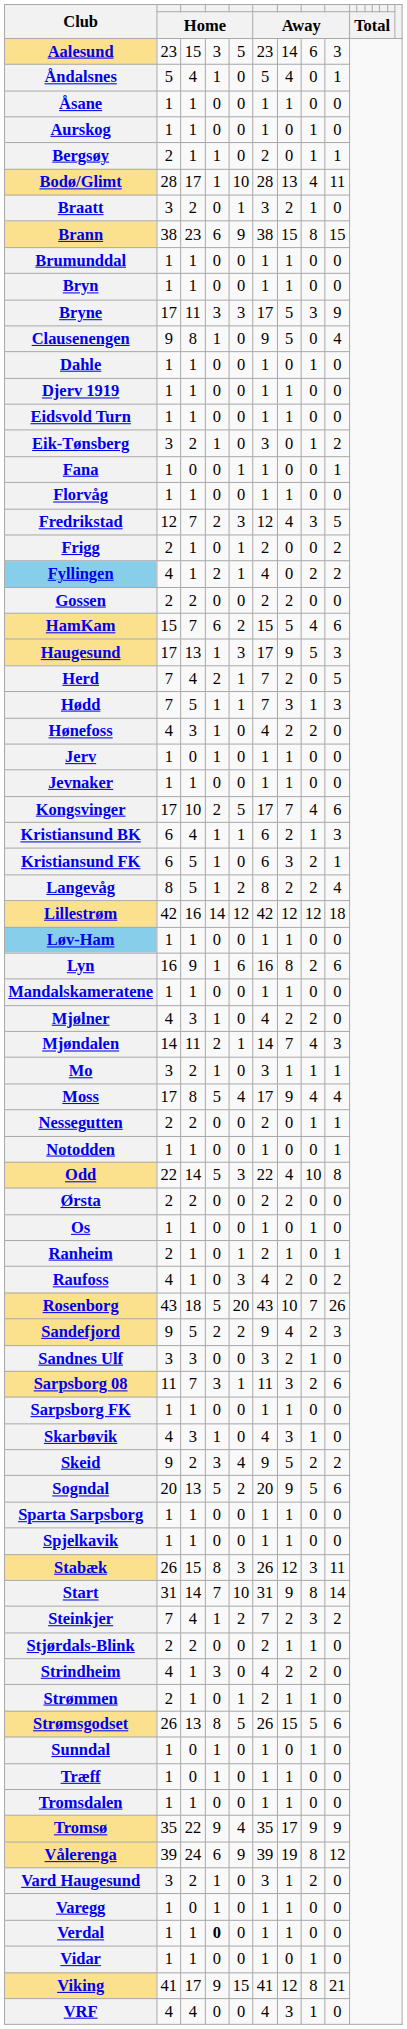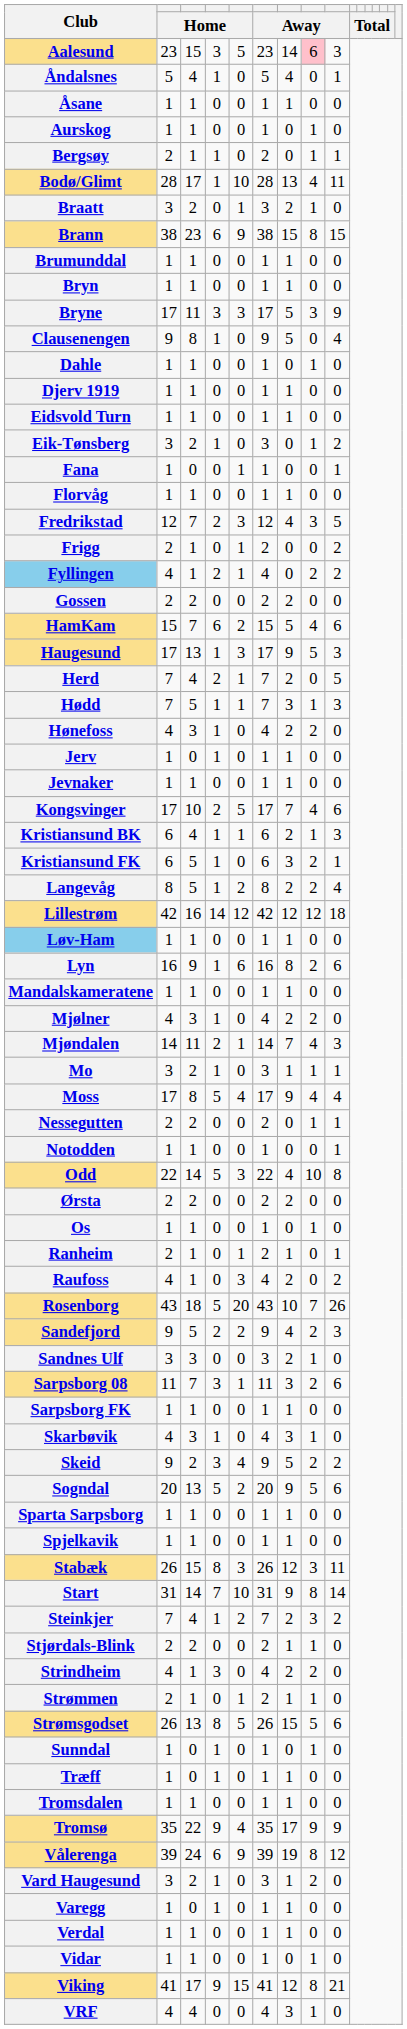 <table class="wikitable plainrowheaders sortable" style="text-align:center">
 <tr>
 <th scope="col" rowspan="2">Club</th>
 <th scope="col"></th>
 <th scope="col"></th>
 <th scope="col"></th>
 <th scope="col"></th>
 <th scope="col"></th>
 <th scope="col"></th>
 <th scope="col"></th>
 <th scope="col"></th>
 <th scope="col"></th>
 <th scope="col"></th>
 <th scope="col"></th>
 <th scope="col"></th>
 <th scope="col"></th>
 <th scope="col"></th>
 <th rowspan="2" scope="col"></th>
 </tr>
 <tr class="unsortable">
 <th colspan="4">Home</th>
 <th colspan="4">Away</th>
 <th colspan="6">Total</th>
 </tr>
 <tr>
 <th scope="row" style="background:#FBE08D"><a href='#'>Aalesund</a> </th>
 <td>23</td>
 <td>15</td>
 <td>3</td>
 <td>5</td>
 <td>23</td>
 <td>14</td>
-<td>6</td>
+<td style="background: pink;">6</td>
 <td>3<br></td>
 </tr>
 <tr>
 <th scope="row"><a href='#'>Åndalsnes</a></th>
 <td>5</td>
 <td>4</td>
 <td>1</td>
 <td>0</td>
 <td>5</td>
 <td>4</td>
 <td>0</td>
 <td>1<br></td>
 </tr>
 <tr>
 <th scope="row"><a href='#'>Åsane</a></th>
 <td>1</td>
 <td>1</td>
 <td>0</td>
 <td>0</td>
 <td>1</td>
 <td>1</td>
 <td>0</td>
 <td>0<br></td>
 </tr>
 <tr>
 <th scope="row"><a href='#'>Aurskog</a></th>
 <td>1</td>
 <td>1</td>
 <td>0</td>
 <td>0</td>
 <td>1</td>
 <td>0</td>
 <td>1</td>
 <td>0<br></td>
 </tr>
 <tr>
 <th scope="row"><a href='#'>Bergsøy</a></th>
 <td>2</td>
 <td>1</td>
 <td>1</td>
 <td>0</td>
 <td>2</td>
 <td>0</td>
 <td>1</td>
 <td>1<br></td>
 </tr>
 <tr>
 <th scope="row" style="background:#FBE08D"><a href='#'>Bodø/Glimt</a> </th>
 <td>28</td>
 <td>17</td>
 <td>1</td>
 <td>10</td>
 <td>28</td>
 <td>13</td>
 <td>4</td>
 <td>11<br></td>
 </tr>
 <tr>
 <th scope="row"><a href='#'>Braatt</a></th>
 <td>3</td>
 <td>2</td>
 <td>0</td>
 <td>1</td>
 <td>3</td>
 <td>2</td>
 <td>1</td>
 <td>0<br></td>
 </tr>
 <tr>
 <th scope="row" style="background:#FBE08D"><a href='#'>Brann</a> </th>
 <td>38</td>
 <td>23</td>
 <td>6</td>
 <td>9</td>
 <td>38</td>
 <td>15</td>
 <td>8</td>
 <td>15<br></td>
 </tr>
 <tr>
 <th scope="row"><a href='#'>Brumunddal</a></th>
 <td>1</td>
 <td>1</td>
 <td>0</td>
 <td>0</td>
 <td>1</td>
 <td>1</td>
 <td>0</td>
 <td>0<br></td>
 </tr>
 <tr>
 <th scope="row"><a href='#'>Bryn</a></th>
 <td>1</td>
 <td>1</td>
 <td>0</td>
 <td>0</td>
 <td>1</td>
 <td>1</td>
 <td>0</td>
 <td>0<br></td>
 </tr>
 <tr>
 <th scope="row"><a href='#'>Bryne</a></th>
 <td>17</td>
 <td>11</td>
 <td>3</td>
 <td>3</td>
 <td>17</td>
 <td>5</td>
 <td>3</td>
 <td>9<br></td>
 </tr>
 <tr>
 <th scope="row"><a href='#'>Clausenengen</a></th>
 <td>9</td>
 <td>8</td>
 <td>1</td>
 <td>0</td>
 <td>9</td>
 <td>5</td>
 <td>0</td>
 <td>4<br></td>
 </tr>
 <tr>
 <th scope="row"><a href='#'>Dahle</a></th>
 <td>1</td>
 <td>1</td>
 <td>0</td>
 <td>0</td>
 <td>1</td>
 <td>0</td>
 <td>1</td>
 <td>0<br></td>
 </tr>
 <tr>
 <th scope="row"><a href='#'>Djerv 1919</a></th>
 <td>1</td>
 <td>1</td>
 <td>0</td>
 <td>0</td>
 <td>1</td>
 <td>1</td>
 <td>0</td>
 <td>0<br></td>
 </tr>
 <tr>
 <th scope="row"><a href='#'>Eidsvold Turn</a></th>
 <td>1</td>
 <td>1</td>
 <td>0</td>
 <td>0</td>
 <td>1</td>
 <td>1</td>
 <td>0</td>
 <td>0<br></td>
 </tr>
 <tr>
 <th scope="row"><a href='#'>Eik-Tønsberg</a></th>
 <td>3</td>
 <td>2</td>
 <td>1</td>
 <td>0</td>
 <td>3</td>
 <td>0</td>
 <td>1</td>
 <td>2<br></td>
 </tr>
 <tr>
 <th scope="row"><a href='#'>Fana</a></th>
 <td>1</td>
 <td>0</td>
 <td>0</td>
 <td>1</td>
 <td>1</td>
 <td>0</td>
 <td>0</td>
 <td>1<br></td>
 </tr>
 <tr>
 <th scope="row"><a href='#'>Florvåg</a></th>
 <td>1</td>
 <td>1</td>
 <td>0</td>
 <td>0</td>
 <td>1</td>
 <td>1</td>
 <td>0</td>
 <td>0<br></td>
 </tr>
 <tr>
 <th scope="row"><a href='#'>Fredrikstad</a></th>
 <td>12</td>
 <td>7</td>
 <td>2</td>
 <td>3</td>
 <td>12</td>
 <td>4</td>
 <td>3</td>
 <td>5<br></td>
 </tr>
 <tr>
 <th scope="row"><a href='#'>Frigg</a></th>
 <td>2</td>
 <td>1</td>
 <td>0</td>
 <td>1</td>
 <td>2</td>
 <td>0</td>
 <td>0</td>
 <td>2<br></td>
 </tr>
 <tr>
 <th scope="row" style="background:#87CEEB"><a href='#'>Fyllingen</a> </th>
 <td>4</td>
 <td>1</td>
 <td>2</td>
 <td>1</td>
 <td>4</td>
 <td>0</td>
 <td>2</td>
 <td>2<br></td>
 </tr>
 <tr>
 <th scope="row"><a href='#'>Gossen</a></th>
 <td>2</td>
 <td>2</td>
 <td>0</td>
 <td>0</td>
 <td>2</td>
 <td>2</td>
 <td>0</td>
 <td>0<br></td>
 </tr>
 <tr>
 <th scope="row" style="background:#FBE08D"><a href='#'>HamKam</a> </th>
 <td>15</td>
 <td>7</td>
 <td>6</td>
 <td>2</td>
 <td>15</td>
 <td>5</td>
 <td>4</td>
 <td>6<br></td>
 </tr>
 <tr>
 <th scope="row" style="background:#FBE08D"><a href='#'>Haugesund</a> </th>
 <td>17</td>
 <td>13</td>
 <td>1</td>
 <td>3</td>
 <td>17</td>
 <td>9</td>
 <td>5</td>
 <td>3<br></td>
 </tr>
 <tr>
 <th scope="row"><a href='#'>Herd</a></th>
 <td>7</td>
 <td>4</td>
 <td>2</td>
 <td>1</td>
 <td>7</td>
 <td>2</td>
 <td>0</td>
 <td>5<br></td>
 </tr>
 <tr>
 <th scope="row"><a href='#'>Hødd</a></th>
 <td>7</td>
 <td>5</td>
 <td>1</td>
 <td>1</td>
 <td>7</td>
 <td>3</td>
 <td>1</td>
 <td>3<br></td>
 </tr>
 <tr>
 <th scope="row"><a href='#'>Hønefoss</a></th>
 <td>4</td>
 <td>3</td>
 <td>1</td>
 <td>0</td>
 <td>4</td>
 <td>2</td>
 <td>2</td>
 <td>0<br></td>
 </tr>
 <tr>
 <th scope="row"><a href='#'>Jerv</a></th>
 <td>1</td>
 <td>0</td>
 <td>1</td>
 <td>0</td>
 <td>1</td>
 <td>1</td>
 <td>0</td>
 <td>0<br></td>
 </tr>
 <tr>
 <th scope="row"><a href='#'>Jevnaker</a></th>
 <td>1</td>
 <td>1</td>
 <td>0</td>
 <td>0</td>
 <td>1</td>
 <td>1</td>
 <td>0</td>
 <td>0<br></td>
 </tr>
 <tr>
 <th scope="row"><a href='#'>Kongsvinger</a></th>
 <td>17</td>
 <td>10</td>
 <td>2</td>
 <td>5</td>
 <td>17</td>
 <td>7</td>
 <td>4</td>
 <td>6<br></td>
 </tr>
 <tr>
 <th scope="row"><a href='#'>Kristiansund BK</a></th>
 <td>6</td>
 <td>4</td>
 <td>1</td>
 <td>1</td>
 <td>6</td>
 <td>2</td>
 <td>1</td>
 <td>3<br></td>
 </tr>
 <tr>
 <th scope="row"><a href='#'>Kristiansund FK</a></th>
 <td>6</td>
 <td>5</td>
 <td>1</td>
 <td>0</td>
 <td>6</td>
 <td>3</td>
 <td>2</td>
 <td>1<br></td>
 </tr>
 <tr>
 <th scope="row"><a href='#'>Langevåg</a></th>
 <td>8</td>
 <td>5</td>
 <td>1</td>
 <td>2</td>
 <td>8</td>
 <td>2</td>
 <td>2</td>
 <td>4<br></td>
 </tr>
 <tr>
 <th scope="row" style="background:#FBE08D"><a href='#'>Lillestrøm</a> </th>
 <td>42</td>
 <td>16</td>
 <td>14</td>
 <td>12</td>
 <td>42</td>
 <td>12</td>
 <td>12</td>
 <td>18<br></td>
 </tr>
 <tr>
 <th scope="row" style="background:#87CEEB"><a href='#'>Løv-Ham</a> </th>
 <td>1</td>
 <td>1</td>
 <td>0</td>
 <td>0</td>
 <td>1</td>
 <td>1</td>
 <td>0</td>
 <td>0<br></td>
 </tr>
 <tr>
 <th scope="row"><a href='#'>Lyn</a></th>
 <td>16</td>
 <td>9</td>
 <td>1</td>
 <td>6</td>
 <td>16</td>
 <td>8</td>
 <td>2</td>
 <td>6<br></td>
 </tr>
 <tr>
 <th scope="row"><a href='#'>Mandalskameratene</a></th>
 <td>1</td>
 <td>1</td>
 <td>0</td>
 <td>0</td>
 <td>1</td>
 <td>1</td>
 <td>0</td>
 <td>0<br></td>
 </tr>
 <tr>
 <th scope="row"><a href='#'>Mjølner</a></th>
 <td>4</td>
 <td>3</td>
 <td>1</td>
 <td>0</td>
 <td>4</td>
 <td>2</td>
 <td>2</td>
 <td>0<br></td>
 </tr>
 <tr>
 <th scope="row"><a href='#'>Mjøndalen</a></th>
 <td>14</td>
 <td>11</td>
 <td>2</td>
 <td>1</td>
 <td>14</td>
 <td>7</td>
 <td>4</td>
 <td>3<br></td>
 </tr>
 <tr>
 <th scope="row"><a href='#'>Mo</a></th>
 <td>3</td>
 <td>2</td>
 <td>1</td>
 <td>0</td>
 <td>3</td>
 <td>1</td>
 <td>1</td>
 <td>1<br></td>
 </tr>
 <tr>
 <th scope="row"><a href='#'>Moss</a></th>
 <td>17</td>
 <td>8</td>
 <td>5</td>
 <td>4</td>
 <td>17</td>
 <td>9</td>
 <td>4</td>
 <td>4<br></td>
 </tr>
 <tr>
 <th scope="row"><a href='#'>Nessegutten</a></th>
 <td>2</td>
 <td>2</td>
 <td>0</td>
 <td>0</td>
 <td>2</td>
 <td>0</td>
 <td>1</td>
 <td>1<br></td>
 </tr>
 <tr>
 <th scope="row"><a href='#'>Notodden</a></th>
 <td>1</td>
 <td>1</td>
 <td>0</td>
 <td>0</td>
 <td>1</td>
 <td>0</td>
 <td>0</td>
 <td>1<br></td>
 </tr>
 <tr>
 <th scope="row" style="background:#FBE08D"><a href='#'>Odd</a> </th>
 <td>22</td>
 <td>14</td>
 <td>5</td>
 <td>3</td>
 <td>22</td>
 <td>4</td>
 <td>10</td>
 <td>8<br></td>
 </tr>
 <tr>
 <th scope="row"><a href='#'>Ørsta</a></th>
 <td>2</td>
 <td>2</td>
 <td>0</td>
 <td>0</td>
 <td>2</td>
 <td>2</td>
 <td>0</td>
 <td>0<br></td>
 </tr>
 <tr>
 <th scope="row"><a href='#'>Os</a></th>
 <td>1</td>
 <td>1</td>
 <td>0</td>
 <td>0</td>
 <td>1</td>
 <td>0</td>
 <td>1</td>
 <td>0<br></td>
 </tr>
 <tr>
 <th scope="row"><a href='#'>Ranheim</a></th>
 <td>2</td>
 <td>1</td>
 <td>0</td>
 <td>1</td>
 <td>2</td>
 <td>1</td>
 <td>0</td>
 <td>1<br></td>
 </tr>
 <tr>
 <th scope="row"><a href='#'>Raufoss</a></th>
 <td>4</td>
 <td>1</td>
 <td>0</td>
 <td>3</td>
 <td>4</td>
 <td>2</td>
 <td>0</td>
 <td>2<br></td>
 </tr>
 <tr>
 <th scope="row" style="background:#FBE08D"><a href='#'>Rosenborg</a> </th>
 <td>43</td>
 <td>18</td>
 <td>5</td>
 <td>20</td>
 <td>43</td>
 <td>10</td>
 <td>7</td>
 <td>26<br></td>
 </tr>
 <tr>
 <th scope="row" style="background:#FBE08D"><a href='#'>Sandefjord</a> </th>
 <td>9</td>
 <td>5</td>
 <td>2</td>
 <td>2</td>
 <td>9</td>
 <td>4</td>
 <td>2</td>
 <td>3<br></td>
 </tr>
 <tr>
 <th scope="row"><a href='#'>Sandnes Ulf</a></th>
 <td>3</td>
 <td>3</td>
 <td>0</td>
 <td>0</td>
 <td>3</td>
 <td>2</td>
 <td>1</td>
 <td>0<br></td>
 </tr>
 <tr>
 <th scope="row" style="background:#FBE08D"><a href='#'>Sarpsborg 08</a> </th>
 <td>11</td>
 <td>7</td>
 <td>3</td>
 <td>1</td>
 <td>11</td>
 <td>3</td>
 <td>2</td>
 <td>6<br></td>
 </tr>
 <tr>
 <th scope="row"><a href='#'>Sarpsborg FK</a></th>
 <td>1</td>
 <td>1</td>
 <td>0</td>
 <td>0</td>
 <td>1</td>
 <td>1</td>
 <td>0</td>
 <td>0<br></td>
 </tr>
 <tr>
 <th scope="row"><a href='#'>Skarbøvik</a></th>
 <td>4</td>
 <td>3</td>
 <td>1</td>
 <td>0</td>
 <td>4</td>
 <td>3</td>
 <td>1</td>
 <td>0<br></td>
 </tr>
 <tr>
 <th scope="row"><a href='#'>Skeid</a></th>
 <td>9</td>
 <td>2</td>
 <td>3</td>
 <td>4</td>
 <td>9</td>
 <td>5</td>
 <td>2</td>
 <td>2<br></td>
 </tr>
 <tr>
 <th scope="row"><a href='#'>Sogndal</a></th>
 <td>20</td>
 <td>13</td>
 <td>5</td>
 <td>2</td>
 <td>20</td>
 <td>9</td>
 <td>5</td>
 <td>6<br></td>
 </tr>
 <tr>
 <th scope="row"><a href='#'>Sparta Sarpsborg</a></th>
 <td>1</td>
 <td>1</td>
 <td>0</td>
 <td>0</td>
 <td>1</td>
 <td>1</td>
 <td>0</td>
 <td>0<br></td>
 </tr>
 <tr>
 <th scope="row"><a href='#'>Spjelkavik</a></th>
 <td>1</td>
 <td>1</td>
 <td>0</td>
 <td>0</td>
 <td>1</td>
 <td>1</td>
 <td>0</td>
 <td>0<br></td>
 </tr>
 <tr>
 <th scope="row" style="background:#FBE08D"><a href='#'>Stabæk</a> </th>
 <td>26</td>
 <td>15</td>
 <td>8</td>
 <td>3</td>
 <td>26</td>
 <td>12</td>
 <td>3</td>
 <td>11<br></td>
 </tr>
 <tr>
 <th scope="row"><a href='#'>Start</a></th>
 <td>31</td>
 <td>14</td>
 <td>7</td>
 <td>10</td>
 <td>31</td>
 <td>9</td>
 <td>8</td>
 <td>14<br></td>
 </tr>
 <tr>
 <th scope="row"><a href='#'>Steinkjer</a></th>
 <td>7</td>
 <td>4</td>
 <td>1</td>
 <td>2</td>
 <td>7</td>
 <td>2</td>
 <td>3</td>
 <td>2<br></td>
 </tr>
 <tr>
 <th scope="row"><a href='#'>Stjørdals-Blink</a></th>
 <td>2</td>
 <td>2</td>
 <td>0</td>
 <td>0</td>
 <td>2</td>
 <td>1</td>
 <td>1</td>
 <td>0<br></td>
 </tr>
 <tr>
 <th scope="row"><a href='#'>Strindheim</a></th>
 <td>4</td>
 <td>1</td>
 <td>3</td>
 <td>0</td>
 <td>4</td>
 <td>2</td>
 <td>2</td>
 <td>0<br></td>
 </tr>
 <tr>
 <th scope="row"><a href='#'>Strømmen</a></th>
 <td>2</td>
 <td>1</td>
 <td>0</td>
 <td>1</td>
 <td>2</td>
 <td>1</td>
 <td>1</td>
 <td>0<br></td>
 </tr>
 <tr>
 <th scope="row" style="background:#FBE08D"><a href='#'>Strømsgodset</a> </th>
 <td>26</td>
 <td>13</td>
 <td>8</td>
 <td>5</td>
 <td>26</td>
 <td>15</td>
 <td>5</td>
 <td>6<br></td>
 </tr>
 <tr>
 <th scope="row"><a href='#'>Sunndal</a></th>
 <td>1</td>
 <td>0</td>
 <td>1</td>
 <td>0</td>
 <td>1</td>
 <td>0</td>
 <td>1</td>
 <td>0<br></td>
 </tr>
 <tr>
 <th scope="row"><a href='#'>Træff</a></th>
 <td>1</td>
 <td>0</td>
 <td>1</td>
 <td>0</td>
 <td>1</td>
 <td>1</td>
 <td>0</td>
 <td>0<br></td>
 </tr>
 <tr>
 <th scope="row"><a href='#'>Tromsdalen</a></th>
 <td>1</td>
 <td>1</td>
 <td>0</td>
 <td>0</td>
 <td>1</td>
 <td>1</td>
 <td>0</td>
 <td>0<br></td>
 </tr>
 <tr>
 <th scope="row" style="background:#FBE08D"><a href='#'>Tromsø</a> </th>
 <td>35</td>
 <td>22</td>
 <td>9</td>
 <td>4</td>
 <td>35</td>
 <td>17</td>
 <td>9</td>
 <td>9<br></td>
 </tr>
 <tr>
 <th scope="row" style="background:#FBE08D"><a href='#'>Vålerenga</a> </th>
 <td>39</td>
 <td>24</td>
 <td>6</td>
 <td>9</td>
 <td>39</td>
 <td>19</td>
 <td>8</td>
 <td>12<br></td>
 </tr>
 <tr>
 <th scope="row"><a href='#'>Vard Haugesund</a></th>
 <td>3</td>
 <td>2</td>
 <td>1</td>
 <td>0</td>
 <td>3</td>
 <td>1</td>
 <td>2</td>
 <td>0<br></td>
 </tr>
 <tr>
 <th scope="row"><a href='#'>Varegg</a></th>
 <td>1</td>
 <td>0</td>
 <td>1</td>
 <td>0</td>
 <td>1</td>
 <td>1</td>
 <td>0</td>
 <td>0<br></td>
 </tr>
 <tr>
 <th scope="row"><a href='#'>Verdal</a></th>
 <td>1</td>
 <td>1</td>
-<td><strong>0</strong></td>
+<td>0</td>
 <td>0</td>
 <td>1</td>
 <td>1</td>
 <td>0</td>
 <td>0<br></td>
 </tr>
 <tr>
 <th scope="row"><a href='#'>Vidar</a></th>
 <td>1</td>
 <td>1</td>
 <td>0</td>
 <td>0</td>
 <td>1</td>
 <td>0</td>
 <td>1</td>
 <td>0<br></td>
 </tr>
 <tr>
 <th scope="row" style="background:#FBE08D"><a href='#'>Viking</a> </th>
 <td>41</td>
 <td>17</td>
 <td>9</td>
 <td>15</td>
 <td>41</td>
 <td>12</td>
 <td>8</td>
 <td>21<br></td>
 </tr>
 <tr>
 <th scope="row"><a href='#'>VRF</a></th>
 <td>4</td>
 <td>4</td>
 <td>0</td>
 <td>0</td>
 <td>4</td>
 <td>3</td>
 <td>1</td>
 <td>0<br></td>
 </tr>
 </table>
